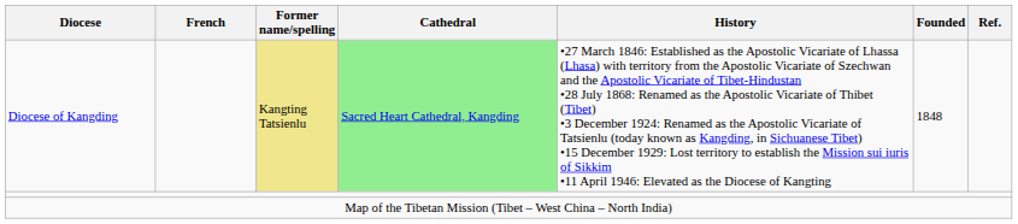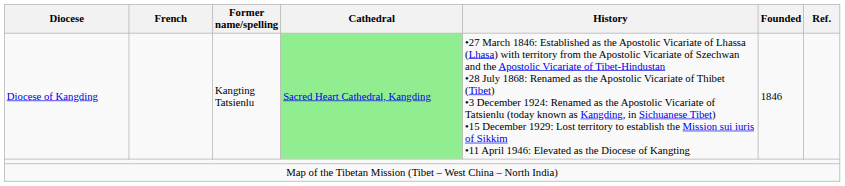 <table class=wikitable>
 <tr>
 <th scope="col" width="200">Diocese</th>
 <th scope="col" width="130">French</th>
 <th scope="col" width="50">Former name/spelling</th>
 <th scope="col" width="300">Cathedral</th>
 <th scope="col" width="500">History</th>
 <th scope="col" width="50">Founded</th>
 <th scope="col" width="50">Ref.</th>
 </tr>
 <tr>
 <td><a href='#'>Diocese of Kangding</a></td>
 <td></td>
-<td style="background: khaki;">Kangting<br>Tatsienlu</td>
+<td>Kangting<br>Tatsienlu</td>
 <td style="background: lightgreen;"><a href='#'>Sacred Heart Cathedral, Kangding</a></td>
 <td>•27 March 1846: Established as the Apostolic Vicariate of Lhassa (<a href='#'>Lhasa</a>) with territory from the Apostolic Vicariate of Szechwan and the <a href='#'>Apostolic Vicariate of Tibet-Hindustan</a><br>•28 July 1868: Renamed as the Apostolic Vicariate of Thibet (<a href='#'>Tibet</a>)<br> •3 December 1924: Renamed as the Apostolic Vicariate of Tatsienlu (today known as <a href='#'>Kangding</a>, in <a href='#'>Sichuanese Tibet</a>)<br> •15 December 1929: Lost territory to establish the <a href='#'>Mission sui iuris of Sikkim</a><br> •11 April 1946: Elevated as the Diocese of Kangting</td>
-<td>1848</td>
+<td>1846</td>
 <td></td>
 </tr>
 <tr>
 <td colspan=7></td>
 </tr>
 <tr>
 <td colspan=7 style="text-align:center;">Map of the Tibetan Mission (Tibet – West China – North India)</td>
 </tr>
 </table>
